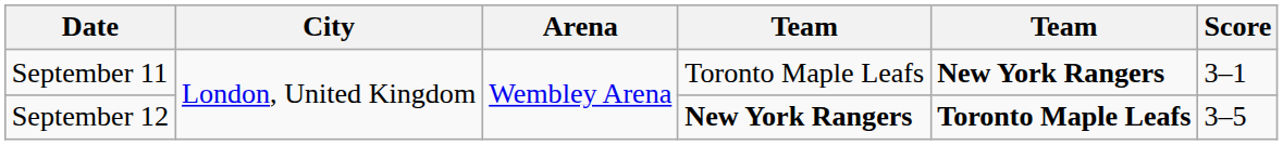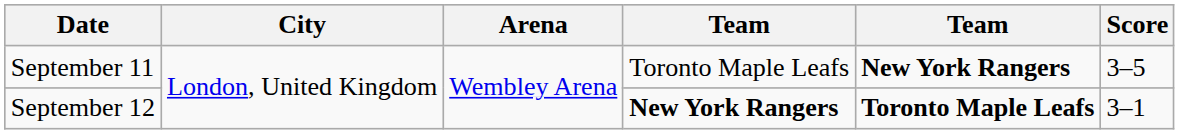 <table class="wikitable">
 <tr>
 <th>Date</th>
 <th>City</th>
 <th>Arena</th>
 <th>Team</th>
 <th>Team</th>
 <th>Score</th>
 </tr>
 <tr>
 <td>September 11</td>
 <td rowspan="2"><a href='#'>London</a>, United Kingdom</td>
 <td rowspan="2"><a href='#'>Wembley Arena</a></td>
 <td>Toronto Maple Leafs</td>
 <td><strong>New York Rangers</strong></td>
-<td>3–1</td>
+<td>3–5</td>
 </tr>
 <tr>
 <td>September 12</td>
 <td><strong>New York Rangers</strong></td>
 <td><strong>Toronto Maple Leafs</strong></td>
-<td>3–5</td>
+<td>3–1</td>
 </tr>
 </table>
